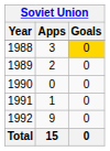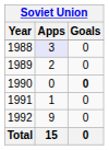 <table class="wikitable" style="text-align:center">
 <tr>
 <th colspan=3><a href='#'>Soviet Union</a></th>
 </tr>
 <tr>
 <th>Year</th>
 <th width="40">Apps</th>
 <th width="40">Goals</th>
 </tr>
 <tr>
 </tr>
 <tr>
 <td>1988</td>
-<td>3</td>
-<td style="background: gold;">0</td>
+<td style="background: lavender;">3</td>
+<td>0</td>
 </tr>
 <tr>
 <td>1989</td>
 <td>2</td>
 <td>0</td>
 </tr>
 <tr>
 <td>1990</td>
 <td>0</td>
-<td>0</td>
+<td><strong>0</strong></td>
 </tr>
 <tr>
 <td>1991</td>
 <td>1</td>
 <td>0</td>
 </tr>
 <tr>
 <td>1992</td>
 <td>9</td>
 <td>0</td>
 </tr>
 <tr>
 <th>Total</th>
 <th>15</th>
 <th>0</th>
 </tr>
 </table>
